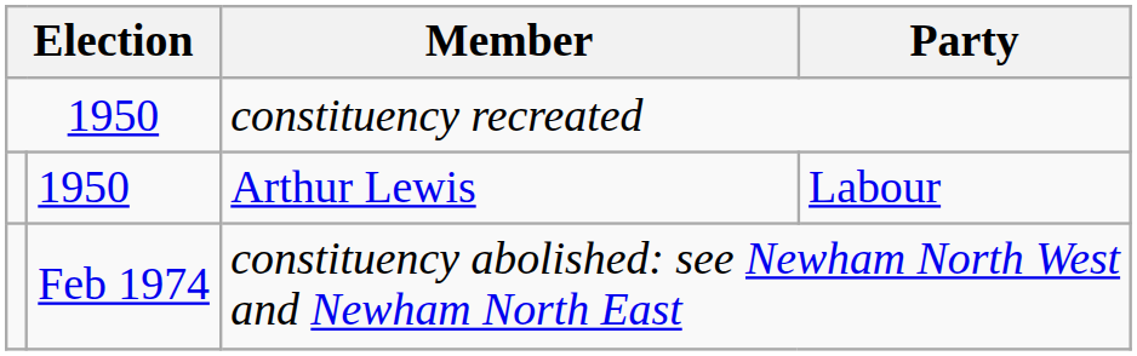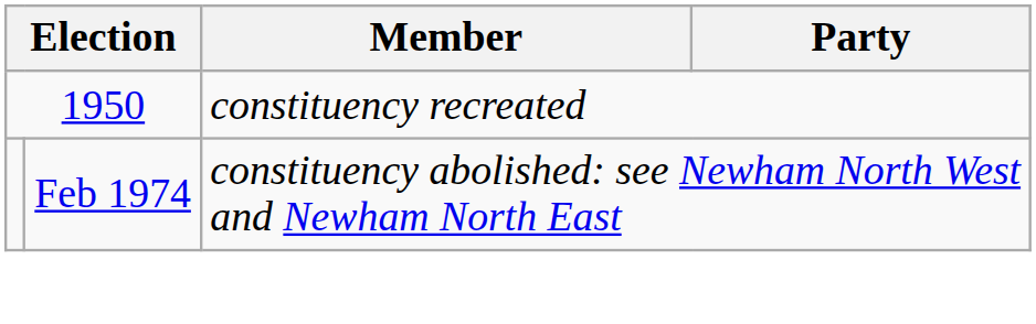 <table class="wikitable">
 <tr>
 <th colspan="2">Election</th>
 <th>Member</th>
 <th>Party</th>
 </tr>
 <tr>
 <td colspan="2" style="text-align:center;"><a href='#'>1950</a></td>
 <td colspan="2"><em>constituency recreated</em></td>
 </tr>
 <tr>
-<td style="color:inherit;background-color: "></td>
-<td><a href='#'>1950</a></td>
-<td><a href='#'>Arthur Lewis</a></td>
-<td><a href='#'>Labour</a></td>
-</tr>
-<tr>
 <td></td>
 <td><a href='#'>Feb 1974</a></td>
 <td colspan="2"><em>constituency abolished: see <a href='#'>Newham North West</a><br>and <a href='#'>Newham North East</a></em></td>
 </tr>
 </table>
